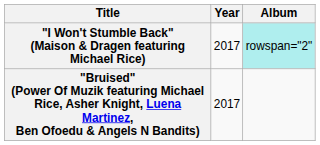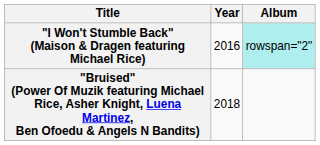 <table class="wikitable plainrowheaders" style="text-align:center;">
 <tr>
 <th scope="col" style="width:17em;">Title</th>
 <th scope="col" style="width:1em;">Year</th>
 <th scope="col">Album</th>
 </tr>
 <tr>
 <th scope="row">"I Won't Stumble Back"<br><span>(Maison & Dragen featuring Michael Rice)</span></th>
-<td>2017</td>
+<td>2016</td>
 <td style="background: paleturquoise;">rowspan="2" </td>
 </tr>
 <tr>
 <th scope="row">"Bruised"<br><span>(Power Of Muzik featuring Michael Rice, Asher Knight, <a href='#'>Luena Martinez</a>,<br>Ben Ofoedu & Angels N Bandits)</span></th>
-<td>2017</td>
+<td>2018</td>
 </tr>
 </table>
